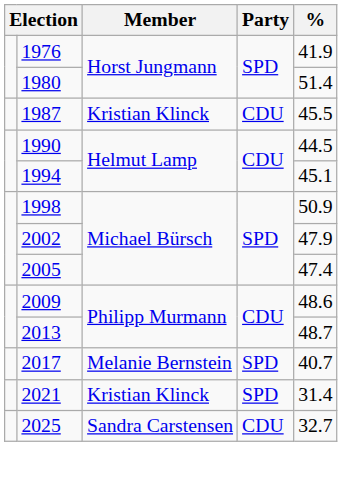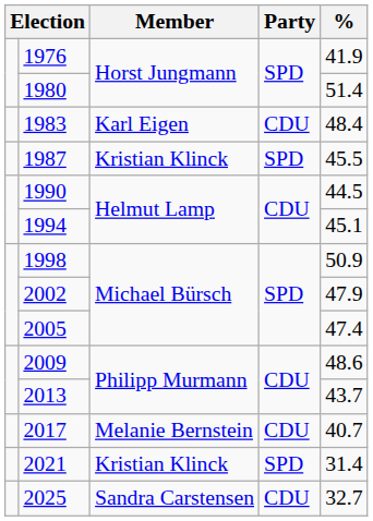 <table class=wikitable>
 <tr>
 <th colspan=2>Election</th>
 <th>Member</th>
 <th>Party</th>
 <th>%</th>
 </tr>
 <tr>
 <td rowspan=2 bgcolor=></td>
 <td><a href='#'>1976</a></td>
 <td rowspan=2><a href='#'>Horst Jungmann</a></td>
 <td rowspan=2><a href='#'>SPD</a></td>
 <td align=right>41.9</td>
 </tr>
 <tr>
 <td><a href='#'>1980</a></td>
 <td align=right>51.4</td>
 </tr>
 <tr>
 <td bgcolor=></td>
+<td><a href='#'>1983</a></td>
+<td><a href='#'>Karl Eigen</a></td>
+<td><a href='#'>CDU</a></td>
+<td align=right>48.4</td>
+</tr>
+<tr>
+<td bgcolor=></td>
 <td><a href='#'>1987</a></td>
 <td><a href='#'>Kristian Klinck</a></td>
-<td><a href='#'>CDU</a></td>
+<td><a href='#'>SPD</a></td>
 <td align=right>45.5</td>
 </tr>
 <tr>
 <td rowspan=2 bgcolor=></td>
 <td><a href='#'>1990</a></td>
 <td rowspan=2><a href='#'>Helmut Lamp</a></td>
 <td rowspan=2><a href='#'>CDU</a></td>
 <td align=right>44.5</td>
 </tr>
 <tr>
 <td><a href='#'>1994</a></td>
 <td align=right>45.1</td>
 </tr>
 <tr>
 <td rowspan=3 bgcolor=></td>
 <td><a href='#'>1998</a></td>
 <td rowspan=3><a href='#'>Michael Bürsch</a></td>
 <td rowspan=3><a href='#'>SPD</a></td>
 <td align=right>50.9</td>
 </tr>
 <tr>
 <td><a href='#'>2002</a></td>
 <td align=right>47.9</td>
 </tr>
 <tr>
 <td><a href='#'>2005</a></td>
 <td align=right>47.4</td>
 </tr>
 <tr>
 <td rowspan=2 bgcolor=></td>
 <td><a href='#'>2009</a></td>
 <td rowspan=2><a href='#'>Philipp Murmann</a></td>
 <td rowspan=2><a href='#'>CDU</a></td>
 <td align=right>48.6</td>
 </tr>
 <tr>
 <td><a href='#'>2013</a></td>
-<td align=right>48.7</td>
+<td align=right>43.7</td>
 </tr>
 <tr>
 <td bgcolor=></td>
 <td><a href='#'>2017</a></td>
 <td><a href='#'>Melanie Bernstein</a></td>
-<td><a href='#'>SPD</a></td>
+<td><a href='#'>CDU</a></td>
 <td align=right>40.7</td>
 </tr>
 <tr>
 <td bgcolor=></td>
 <td><a href='#'>2021</a></td>
 <td><a href='#'>Kristian Klinck</a></td>
 <td><a href='#'>SPD</a></td>
 <td align=right>31.4</td>
 </tr>
 <tr>
 <td></td>
 <td><a href='#'>2025</a></td>
 <td><a href='#'>Sandra Carstensen</a></td>
 <td><a href='#'>CDU</a></td>
 <td>32.7</td>
 </tr>
 </table>
